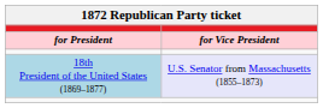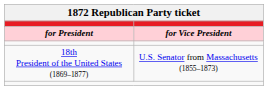 <table class="wikitable" style="font-size:90%; text-align:center;">
 <tr>
 <td style="background:#f1f1f1;" colspan="30"><big><strong>1872 Republican Party ticket</strong></big></td>
 </tr>
 <tr>
 <th style="width:3em; font-size:135%; background:#E81B23; width:200px;"><a href='#'></a></th>
 <th style="width:3em; font-size:135%; background:#E81B23; width:200px;"><a href='#'></a></th>
 </tr>
 <tr style="color:#000; font-size:100%; background:#FFD0D7;">
 <td style="width:3em; width:200px;"><strong><em>for President</em></strong></td>
 <td style="width:3em; width:200px;"><strong><em>for Vice President</em></strong></td>
 </tr>
 <tr>
 <td></td>
 <td></td>
 </tr>
 <tr>
-<td style="background: lightblue;"><a href='#'>18th</a><br><a href='#'>President of the United States</a><br><small>(1869–1877)</small></td>
-<td style="background: lavender;"><a href='#'>U.S. Senator</a> from <a href='#'>Massachusetts</a><br><small>(1855–1873)</small></td>
+<td><a href='#'>18th</a><br><a href='#'>President of the United States</a><br><small>(1869–1877)</small></td>
+<td><a href='#'>U.S. Senator</a> from <a href='#'>Massachusetts</a><br><small>(1855–1873)</small></td>
 </tr>
 <tr>
 <td colspan=2></td>
 </tr>
 </table>
